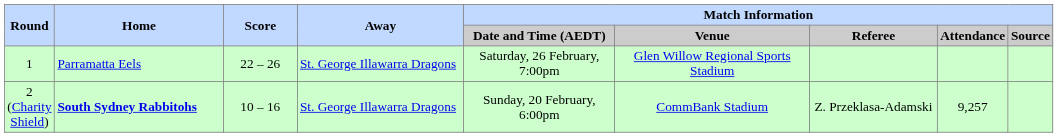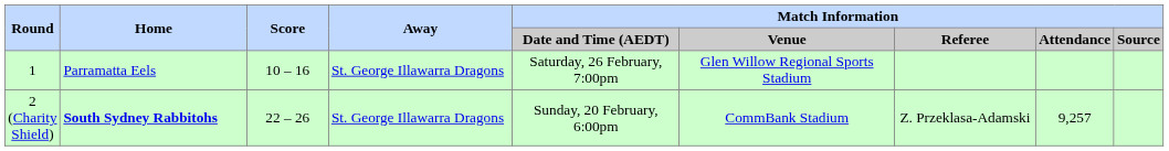 <table border="1" cellpadding="3" cellspacing="0" width="100%" style="border-collapse:collapse; text-align:center;">
 <tr bgcolor=#C1D8FF>
 <th rowspan="2" width="1%">Round</th>
 <th rowspan="2" width="19%">Home</th>
 <th rowspan="2" width="8%">Score</th>
 <th rowspan="2" width="19%">Away</th>
 <th colspan="6">Match Information</th>
 </tr>
 <tr bgcolor="#CCCCCC">
 <th width="17%">Date and Time (AEDT)</th>
 <th width="22%">Venue</th>
 <th width="50%">Referee</th>
 <th width="7%">Attendance</th>
 <td><strong>Source</strong></td>
 </tr>
 <tr style="text-align:center; background:#cfc;">
 <td>1</td>
 <td align="left"> <a href='#'>Parramatta Eels</a></td>
-<td>22 – 26</td>
+<td>10 – 16</td>
 <td align="left"> <a href='#'>St. George Illawarra Dragons</a></td>
 <td>Saturday, 26 February, 7:00pm</td>
 <td><a href='#'>Glen Willow Regional Sports Stadium</a></td>
 <td></td>
 <td></td>
 <td></td>
 </tr>
 <tr style="text-align:center; background:#cfc">
 <td>2<br>(<a href='#'>Charity Shield</a>)</td>
 <td align="left"><strong> <a href='#'>South Sydney Rabbitohs</a></strong></td>
-<td>10 – 16</td>
+<td>22 – 26</td>
 <td align="left"> <a href='#'>St. George Illawarra Dragons</a></td>
 <td>Sunday, 20 February, 6:00pm</td>
 <td><a href='#'>CommBank Stadium</a></td>
 <td>Z. Przeklasa-Adamski</td>
 <td>9,257</td>
 <td></td>
 </tr>
 </table>
